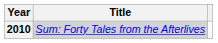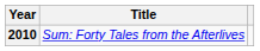 <table class="wikitable plainrowheaders" style="margin-right: 0;">
 <tr>
 <th scope="col">Year</th>
 <th scope="col">Title</th>
 <th scope="col" class="unsortable"></th>
 </tr>
 <tr>
 <th scope=row>2010</th>
-<td style="background: lightgrey;"><em><a href='#'>Sum: Forty Tales from the Afterlives</a></em></td>
+<td><em><a href='#'>Sum: Forty Tales from the Afterlives</a></em></td>
 <td style="text-align:center;"></td>
 </tr>
 </table>
